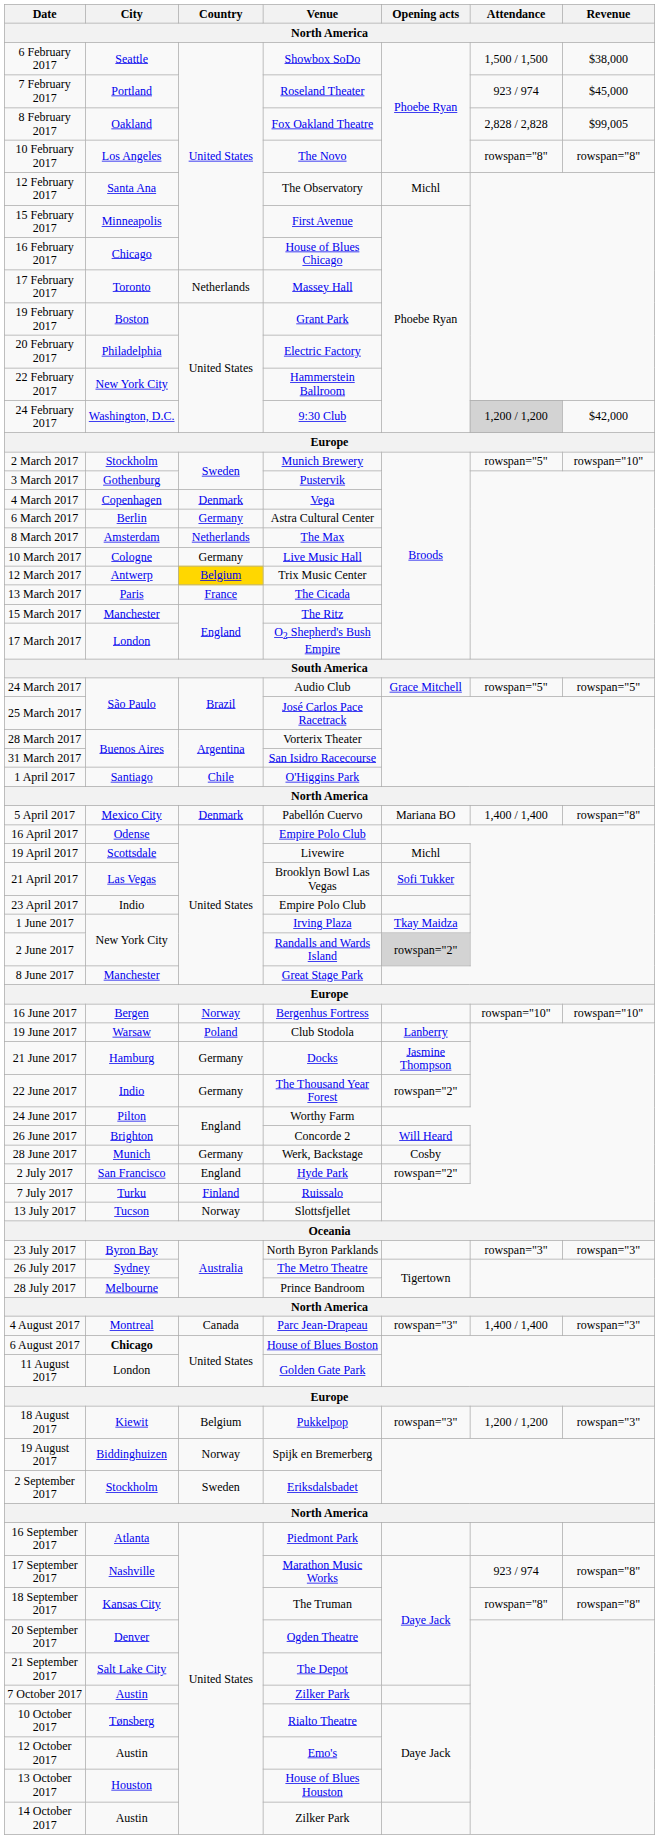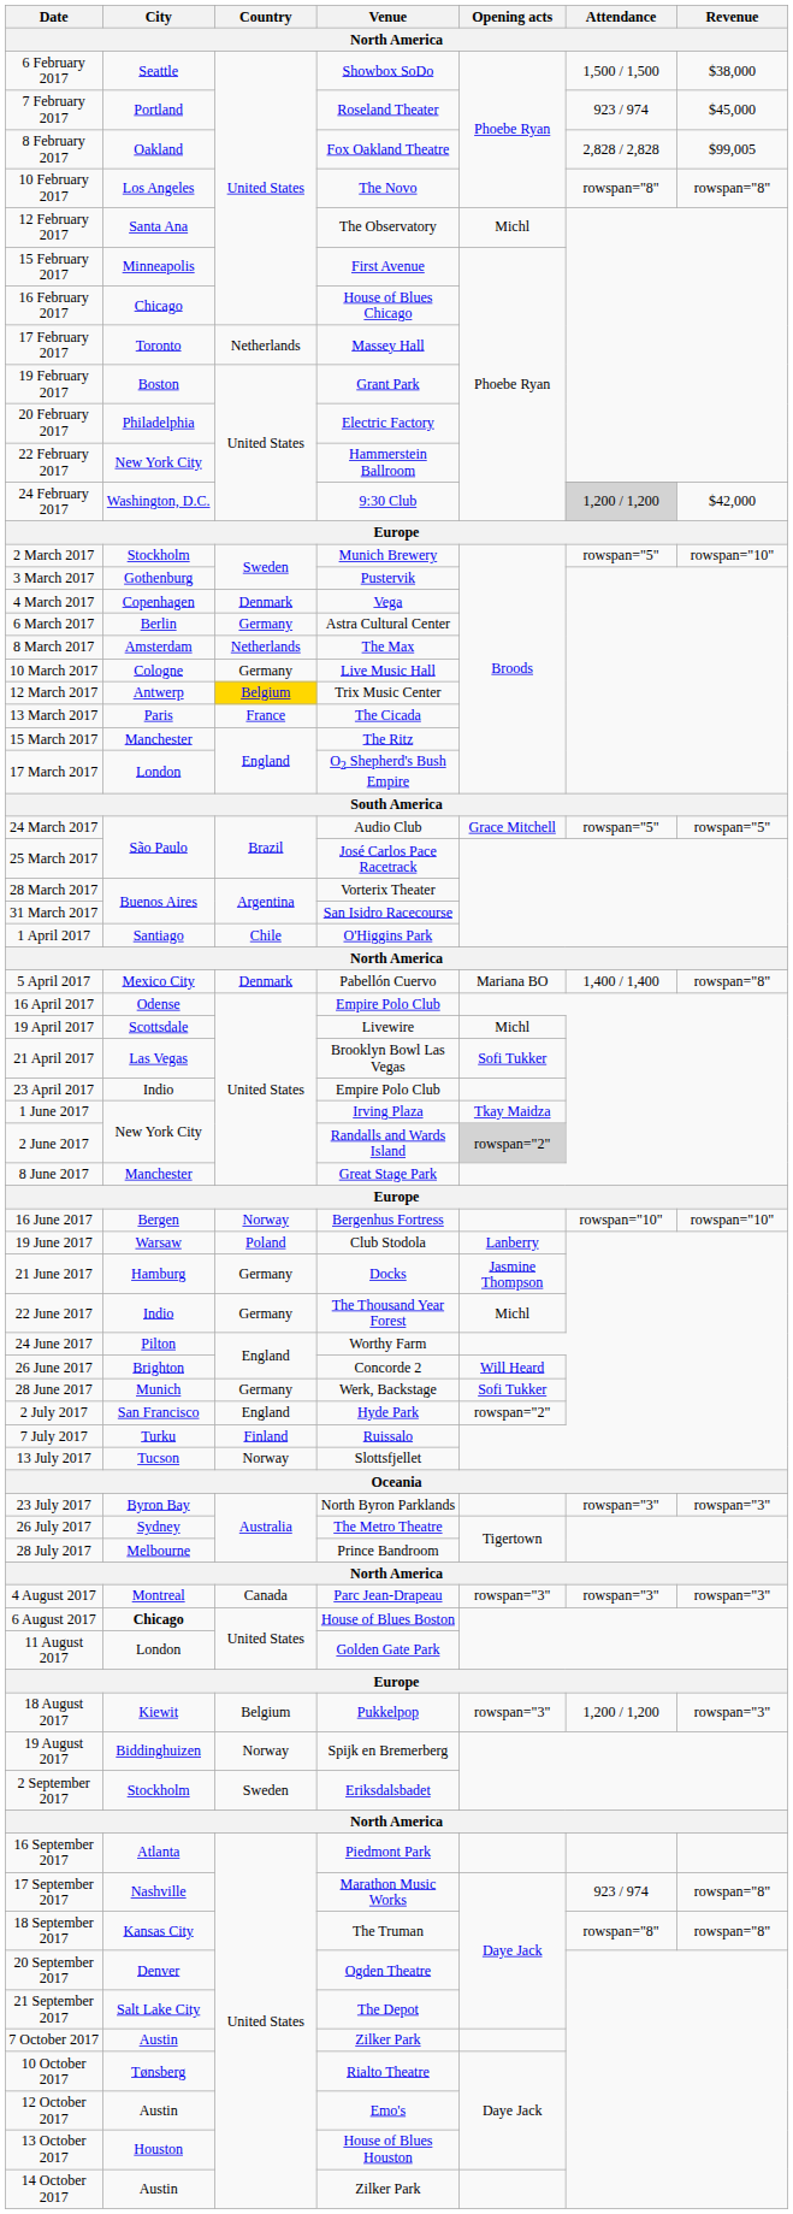 <table class="wikitable plainrowheaders" style="text-align:center;">
 <tr>
 <th scope="col" style="width:10em;">Date</th>
 <th scope="col" style="width:10em;">City</th>
 <th scope="col" style="width:10em;">Country</th>
 <th scope="col" style="width:16em;">Venue</th>
 <th scope="col" style="width:10em;">Opening acts</th>
 <th scope="col" style="width:10em;">Attendance</th>
 <th scope="col" style="width:10em;">Revenue</th>
 </tr>
 <tr>
 <th colspan="8">North America</th>
 </tr>
 <tr>
 <td>6 February 2017</td>
 <td><a href='#'>Seattle</a></td>
 <td rowspan="7"><a href='#'>United States</a></td>
 <td><a href='#'>Showbox SoDo</a></td>
 <td rowspan="4"><a href='#'>Phoebe Ryan</a></td>
 <td>1,500 / 1,500</td>
 <td>$38,000</td>
 </tr>
 <tr>
 <td>7 February 2017</td>
 <td><a href='#'>Portland</a></td>
 <td><a href='#'>Roseland Theater</a></td>
 <td>923 / 974</td>
 <td>$45,000</td>
 </tr>
 <tr>
 <td>8 February 2017</td>
 <td><a href='#'>Oakland</a></td>
 <td><a href='#'>Fox Oakland Theatre</a></td>
 <td>2,828 / 2,828</td>
 <td>$99,005</td>
 </tr>
 <tr>
 <td>10 February 2017</td>
 <td><a href='#'>Los Angeles</a></td>
 <td><a href='#'>The Novo</a></td>
 <td>rowspan="8" </td>
 <td>rowspan="8" </td>
 </tr>
 <tr>
 <td>12 February 2017</td>
 <td><a href='#'>Santa Ana</a></td>
 <td>The Observatory</td>
 <td>Michl</td>
 </tr>
 <tr>
 <td>15 February 2017</td>
 <td><a href='#'>Minneapolis</a></td>
 <td><a href='#'>First Avenue</a></td>
 <td rowspan="7">Phoebe Ryan</td>
 </tr>
 <tr>
 <td>16 February 2017</td>
 <td><a href='#'>Chicago</a></td>
 <td><a href='#'>House of Blues Chicago</a></td>
 </tr>
 <tr>
 <td>17 February 2017</td>
 <td><a href='#'>Toronto</a></td>
 <td>Netherlands</td>
 <td><a href='#'>Massey Hall</a></td>
 </tr>
 <tr>
 <td>19 February 2017</td>
 <td><a href='#'>Boston</a></td>
 <td rowspan="4">United States</td>
 <td><a href='#'>Grant Park</a></td>
 </tr>
 <tr>
 <td>20 February 2017</td>
 <td><a href='#'>Philadelphia</a></td>
 <td><a href='#'>Electric Factory</a></td>
 </tr>
 <tr>
 <td>22 February 2017</td>
 <td><a href='#'>New York City</a></td>
 <td><a href='#'>Hammerstein Ballroom</a></td>
 </tr>
 <tr>
 <td>24 February 2017</td>
 <td><a href='#'>Washington, D.C.</a></td>
 <td><a href='#'>9:30 Club</a></td>
 <td style="background: lightgrey;">1,200 / 1,200</td>
 <td>$42,000</td>
 </tr>
 <tr>
 <th colspan="8">Europe</th>
 </tr>
 <tr>
 <td>2 March 2017</td>
 <td><a href='#'>Stockholm</a></td>
 <td rowspan="2"><a href='#'>Sweden</a></td>
 <td><a href='#'>Munich Brewery</a></td>
 <td rowspan="10"><a href='#'>Broods</a></td>
 <td>rowspan="5" </td>
 <td>rowspan="10" </td>
 </tr>
 <tr>
 <td>3 March 2017</td>
 <td><a href='#'>Gothenburg</a></td>
 <td><a href='#'>Pustervik</a></td>
 </tr>
 <tr>
 <td>4 March 2017</td>
 <td><a href='#'>Copenhagen</a></td>
 <td><a href='#'>Denmark</a></td>
 <td><a href='#'>Vega</a></td>
 </tr>
 <tr>
 <td>6 March 2017</td>
 <td><a href='#'>Berlin</a></td>
 <td><a href='#'>Germany</a></td>
 <td>Astra Cultural Center</td>
 </tr>
 <tr>
 <td>8 March 2017</td>
 <td><a href='#'>Amsterdam</a></td>
 <td><a href='#'>Netherlands</a></td>
 <td><a href='#'>The Max</a></td>
 </tr>
 <tr>
 <td>10 March 2017</td>
 <td><a href='#'>Cologne</a></td>
 <td>Germany</td>
 <td><a href='#'>Live Music Hall</a></td>
 </tr>
 <tr>
 <td>12 March 2017</td>
 <td><a href='#'>Antwerp</a></td>
 <td style="background: gold;"><a href='#'>Belgium</a></td>
 <td>Trix Music Center</td>
 </tr>
 <tr>
 <td>13 March 2017</td>
 <td><a href='#'>Paris</a></td>
 <td><a href='#'>France</a></td>
 <td><a href='#'>The Cicada</a></td>
 </tr>
 <tr>
 <td>15 March 2017</td>
 <td><a href='#'>Manchester</a></td>
 <td rowspan="2"><a href='#'>England</a></td>
 <td><a href='#'>The Ritz</a></td>
 </tr>
 <tr>
 <td>17 March 2017</td>
 <td><a href='#'>London</a></td>
 <td><a href='#'>O<sub>2</sub> Shepherd's Bush Empire</a></td>
 </tr>
 <tr>
 <th colspan="8">South America</th>
 </tr>
 <tr>
 <td>24 March 2017</td>
 <td rowspan="2"><a href='#'>São Paulo</a></td>
 <td rowspan="2"><a href='#'>Brazil</a></td>
 <td>Audio Club</td>
 <td><a href='#'>Grace Mitchell</a></td>
 <td>rowspan="5" </td>
 <td>rowspan="5" </td>
 </tr>
 <tr>
 <td>25 March 2017</td>
 <td><a href='#'>José Carlos Pace Racetrack</a></td>
 </tr>
 <tr>
 <td>28 March 2017</td>
 <td rowspan="2"><a href='#'>Buenos Aires</a></td>
 <td rowspan="2"><a href='#'>Argentina</a></td>
 <td>Vorterix Theater</td>
 </tr>
 <tr>
 <td>31 March 2017</td>
 <td><a href='#'>San Isidro Racecourse</a></td>
 </tr>
 <tr>
 <td>1 April 2017</td>
 <td><a href='#'>Santiago</a></td>
 <td><a href='#'>Chile</a></td>
 <td><a href='#'>O'Higgins Park</a></td>
 </tr>
 <tr>
 <th colspan="8">North America</th>
 </tr>
 <tr>
 <td>5 April 2017</td>
 <td><a href='#'>Mexico City</a></td>
 <td><a href='#'>Denmark</a></td>
 <td>Pabellón Cuervo</td>
 <td>Mariana BO</td>
 <td>1,400 / 1,400</td>
 <td>rowspan="8" </td>
 </tr>
 <tr>
 <td>16 April 2017</td>
 <td><a href='#'>Odense</a></td>
 <td rowspan="7">United States</td>
 <td><a href='#'>Empire Polo Club</a></td>
 </tr>
 <tr>
 <td>19 April 2017</td>
 <td><a href='#'>Scottsdale</a></td>
 <td>Livewire</td>
 <td>Michl</td>
 </tr>
 <tr>
 <td>21 April 2017</td>
 <td><a href='#'>Las Vegas</a></td>
 <td>Brooklyn Bowl Las Vegas</td>
 <td><a href='#'>Sofi Tukker</a></td>
 </tr>
 <tr>
 <td>23 April 2017</td>
 <td>Indio</td>
 <td>Empire Polo Club</td>
 <td></td>
 </tr>
 <tr>
 <td>1 June 2017</td>
 <td rowspan="2">New York City</td>
 <td><a href='#'>Irving Plaza</a></td>
 <td><a href='#'>Tkay Maidza</a></td>
 </tr>
 <tr>
 <td>2 June 2017</td>
 <td><a href='#'>Randalls and Wards Island</a></td>
 <td style="background: lightgrey;">rowspan="2" </td>
 </tr>
 <tr>
 <td>8 June 2017</td>
 <td><a href='#'>Manchester</a></td>
 <td><a href='#'>Great Stage Park</a></td>
 </tr>
 <tr>
 <th colspan="8">Europe</th>
 </tr>
 <tr>
 <td>16 June 2017</td>
 <td><a href='#'>Bergen</a></td>
 <td><a href='#'>Norway</a></td>
 <td><a href='#'>Bergenhus Fortress</a></td>
 <td></td>
 <td>rowspan="10" </td>
 <td>rowspan="10" </td>
 </tr>
 <tr>
 <td>19 June 2017</td>
 <td><a href='#'>Warsaw</a></td>
 <td><a href='#'>Poland</a></td>
 <td>Club Stodola</td>
 <td><a href='#'>Lanberry</a></td>
 </tr>
 <tr>
 <td>21 June 2017</td>
 <td><a href='#'>Hamburg</a></td>
 <td>Germany</td>
 <td><a href='#'>Docks</a></td>
 <td><a href='#'>Jasmine Thompson</a></td>
 </tr>
 <tr>
 <td>22 June 2017</td>
 <td><a href='#'>Indio</a></td>
 <td>Germany</td>
 <td><a href='#'>The Thousand Year Forest</a></td>
-<td>rowspan="2" </td>
+<td>Michl</td>
 </tr>
 <tr>
 <td>24 June 2017</td>
 <td><a href='#'>Pilton</a></td>
 <td rowspan="2">England</td>
 <td>Worthy Farm</td>
 </tr>
 <tr>
 <td>26 June 2017</td>
 <td><a href='#'>Brighton</a></td>
 <td>Concorde 2</td>
 <td><a href='#'>Will Heard</a></td>
 </tr>
 <tr>
 <td>28 June 2017</td>
 <td><a href='#'>Munich</a></td>
 <td>Germany</td>
 <td>Werk, Backstage</td>
-<td>Cosby</td>
+<td><a href='#'>Sofi Tukker</a></td>
 </tr>
 <tr>
 <td>2 July 2017</td>
 <td><a href='#'>San Francisco</a></td>
 <td>England</td>
 <td><a href='#'>Hyde Park</a></td>
 <td>rowspan="2" </td>
 </tr>
 <tr>
 <td>7 July 2017</td>
 <td><a href='#'>Turku</a></td>
 <td><a href='#'>Finland</a></td>
 <td><a href='#'>Ruissalo</a></td>
 </tr>
 <tr>
 <td>13 July 2017</td>
 <td><a href='#'>Tucson</a></td>
 <td>Norway</td>
 <td>Slottsfjellet</td>
 </tr>
 <tr>
 <th colspan="8">Oceania</th>
 </tr>
 <tr>
 <td>23 July 2017</td>
 <td><a href='#'>Byron Bay</a></td>
 <td rowspan="3"><a href='#'>Australia</a></td>
 <td>North Byron Parklands</td>
 <td></td>
 <td>rowspan="3" </td>
 <td>rowspan="3" </td>
 </tr>
 <tr>
 <td>26 July 2017</td>
 <td><a href='#'>Sydney</a></td>
 <td><a href='#'>The Metro Theatre</a></td>
 <td rowspan="2">Tigertown</td>
 </tr>
 <tr>
 <td>28 July 2017</td>
 <td><a href='#'>Melbourne</a></td>
 <td>Prince Bandroom</td>
 </tr>
 <tr>
 <th colspan="8">North America</th>
 </tr>
 <tr>
 <td>4 August 2017</td>
 <td><a href='#'>Montreal</a></td>
 <td>Canada</td>
 <td><a href='#'>Parc Jean-Drapeau</a></td>
 <td>rowspan="3" </td>
-<td>1,400 / 1,400</td>
+<td>rowspan="3" </td>
 <td>rowspan="3" </td>
 </tr>
 <tr>
 <td>6 August 2017</td>
 <td><strong>Chicago</strong></td>
 <td rowspan="2">United States</td>
 <td><a href='#'>House of Blues Boston</a></td>
 </tr>
 <tr>
 <td>11 August 2017</td>
 <td>London</td>
 <td><a href='#'>Golden Gate Park</a></td>
 </tr>
 <tr>
 <th colspan="8">Europe</th>
 </tr>
 <tr>
 <td>18 August 2017</td>
 <td><a href='#'>Kiewit</a></td>
 <td>Belgium</td>
 <td><a href='#'>Pukkelpop</a></td>
 <td>rowspan="3" </td>
 <td>1,200 / 1,200</td>
 <td>rowspan="3" </td>
 </tr>
 <tr>
 <td>19 August 2017</td>
 <td><a href='#'>Biddinghuizen</a></td>
 <td>Norway</td>
 <td>Spijk en Bremerberg</td>
 </tr>
 <tr>
 <td>2 September 2017</td>
 <td><a href='#'>Stockholm</a></td>
 <td>Sweden</td>
 <td><a href='#'>Eriksdalsbadet</a></td>
 </tr>
 <tr>
 <th colspan="8">North America</th>
 </tr>
 <tr>
 <td>16 September 2017</td>
 <td><a href='#'>Atlanta</a></td>
 <td rowspan="10">United States</td>
 <td><a href='#'>Piedmont Park</a></td>
 <td></td>
 <td></td>
 <td></td>
 </tr>
 <tr>
 <td>17 September 2017</td>
 <td><a href='#'>Nashville</a></td>
 <td><a href='#'>Marathon Music Works</a></td>
 <td rowspan="4"><a href='#'>Daye Jack</a></td>
 <td>923 / 974</td>
 <td>rowspan="8" </td>
 </tr>
 <tr>
 <td>18 September 2017</td>
 <td><a href='#'>Kansas City</a></td>
 <td>The Truman</td>
 <td>rowspan="8" </td>
 <td>rowspan="8" </td>
 </tr>
 <tr>
 <td>20 September 2017</td>
 <td><a href='#'>Denver</a></td>
 <td><a href='#'>Ogden Theatre</a></td>
 </tr>
 <tr>
 <td>21 September 2017</td>
 <td><a href='#'>Salt Lake City</a></td>
 <td><a href='#'>The Depot</a></td>
 </tr>
 <tr>
 <td>7 October 2017</td>
 <td><a href='#'>Austin</a></td>
 <td><a href='#'>Zilker Park</a></td>
 <td></td>
 </tr>
 <tr>
 <td>10 October 2017</td>
 <td><a href='#'>Tønsberg</a></td>
 <td><a href='#'>Rialto Theatre</a></td>
 <td rowspan="3">Daye Jack</td>
 </tr>
 <tr>
 <td>12 October 2017</td>
 <td>Austin</td>
 <td><a href='#'>Emo's</a></td>
 </tr>
 <tr>
 <td>13 October 2017</td>
 <td><a href='#'>Houston</a></td>
 <td><a href='#'>House of Blues Houston</a></td>
 </tr>
 <tr>
 <td>14 October 2017</td>
 <td>Austin</td>
 <td>Zilker Park</td>
 <td></td>
 </tr>
 </table>
